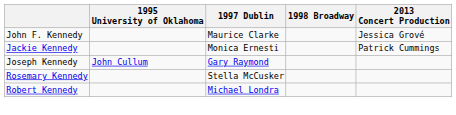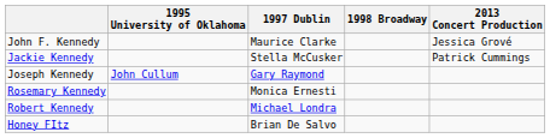 <table class="wikitable">
 <tr>
 <th></th>
 <th>1995<br>University of Oklahoma</th>
 <th>1997 Dublin</th>
 <th>1998 Broadway</th>
 <th>2013<br>Concert Production</th>
 </tr>
 <tr>
 <td>John F. Kennedy</td>
 <td></td>
 <td>Maurice Clarke</td>
 <td></td>
 <td>Jessica Grové</td>
 </tr>
 <tr>
 <td><a href='#'>Jackie Kennedy</a></td>
 <td></td>
-<td>Monica Ernesti</td>
+<td>Stella McCusker</td>
 <td></td>
 <td>Patrick Cummings</td>
 </tr>
 <tr>
 <td>Joseph Kennedy</td>
 <td><a href='#'>John Cullum</a></td>
 <td><a href='#'>Gary Raymond</a></td>
 <td></td>
 <td></td>
 </tr>
 <tr>
 <td><a href='#'>Rosemary Kennedy</a></td>
 <td></td>
-<td>Stella McCusker</td>
+<td>Monica Ernesti</td>
 <td></td>
 <td></td>
 </tr>
 <tr>
 <td><a href='#'>Robert Kennedy</a></td>
 <td></td>
 <td><a href='#'>Michael Londra</a></td>
 <td></td>
 <td></td>
 </tr>
+<tr>
+<td><a href='#'>Honey FItz</a></td>
+<td></td>
+<td>Brian De Salvo</td>
+<td></td>
+<td></td>
+</tr>
 </table>
